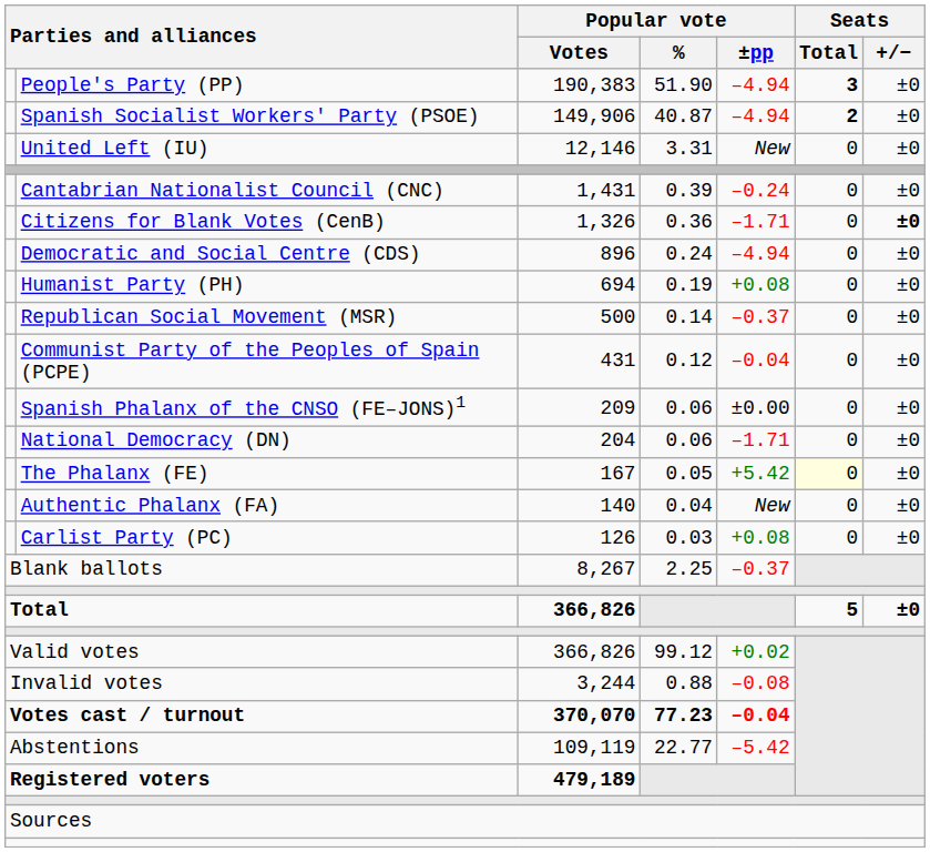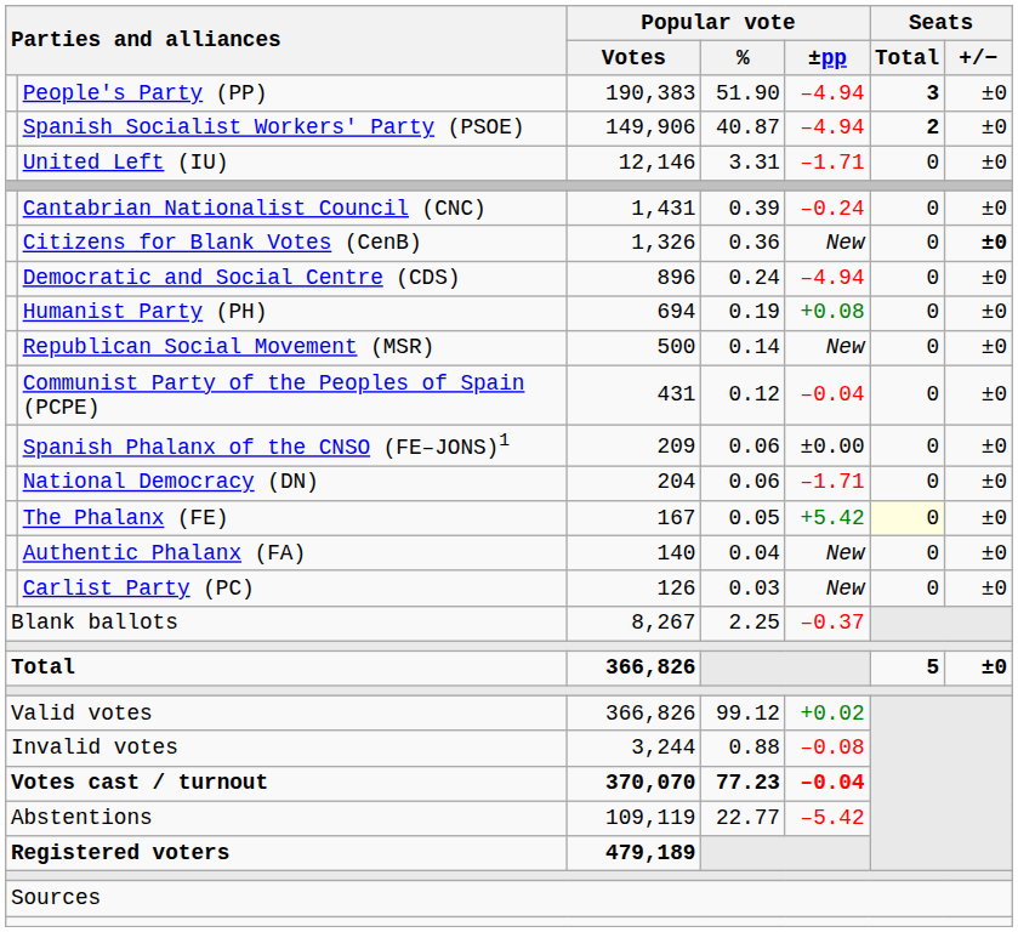 <table class="wikitable" style="text-align:right;">
 <tr>
 <th style="text-align:left;" rowspan="2" colspan="2" width="525">Parties and alliances</th>
 <th colspan="3">Popular vote</th>
 <th colspan="2">Seats</th>
 </tr>
 <tr>
 <th width="75">Votes</th>
 <th width="45">%</th>
 <th width="45">±<a href='#'>pp</a></th>
 <th width="35">Total</th>
 <th width="35">+/−</th>
 </tr>
 <tr>
 <td width="1" style="color:inherit;background:"></td>
 <td align="left"><a href='#'>People's Party</a> (PP)</td>
 <td>190,383</td>
 <td>51.90</td>
 <td style="color:red;">–4.94</td>
 <td><strong>3</strong></td>
 <td>±0</td>
 </tr>
 <tr>
 <td style="color:inherit;background:"></td>
 <td align="left"><a href='#'>Spanish Socialist Workers' Party</a> (PSOE)</td>
 <td>149,906</td>
 <td>40.87</td>
 <td style="color:red;">–4.94</td>
 <td><strong>2</strong></td>
 <td>±0</td>
 </tr>
 <tr>
 <td style="color:inherit;background:"></td>
 <td align="left"><a href='#'>United Left</a> (IU)</td>
 <td>12,146</td>
 <td>3.31</td>
-<td><em>New</em></td>
+<td style="color:red;">–1.71</td>
 <td>0</td>
 <td>±0</td>
 </tr>
 <tr>
 <td colspan="7" bgcolor="#C0C0C0"></td>
 </tr>
 <tr>
 <td style="color:inherit;background:"></td>
 <td align="left"><a href='#'>Cantabrian Nationalist Council</a> (CNC)</td>
 <td>1,431</td>
 <td>0.39</td>
 <td style="color:red;">–0.24</td>
 <td>0</td>
 <td>±0</td>
 </tr>
 <tr>
 <td style="color:inherit;background:"></td>
 <td align="left"><a href='#'>Citizens for Blank Votes</a> (CenB)</td>
 <td>1,326</td>
 <td>0.36</td>
-<td style="color:red;">–1.71</td>
+<td><em>New</em></td>
 <td>0</td>
 <td><strong>±0</strong></td>
 </tr>
 <tr>
 <td style="color:inherit;background:"></td>
 <td align="left"><a href='#'>Democratic and Social Centre</a> (CDS)</td>
 <td>896</td>
 <td>0.24</td>
 <td style="color:red;">–4.94</td>
 <td>0</td>
 <td>±0</td>
 </tr>
 <tr>
 <td style="color:inherit;background:"></td>
 <td align="left"><a href='#'>Humanist Party</a> (PH)</td>
 <td>694</td>
 <td>0.19</td>
 <td style="color:green;">+0.08</td>
 <td>0</td>
 <td>±0</td>
 </tr>
 <tr>
 <td style="color:inherit;background:"></td>
 <td align="left"><a href='#'>Republican Social Movement</a> (MSR)</td>
 <td>500</td>
 <td>0.14</td>
-<td style="color:red;">–0.37</td>
+<td><em>New</em></td>
 <td>0</td>
 <td>±0</td>
 </tr>
 <tr>
 <td style="color:inherit;background:"></td>
 <td align="left"><a href='#'>Communist Party of the Peoples of Spain</a> (PCPE)</td>
 <td>431</td>
 <td>0.12</td>
 <td style="color:red;">–0.04</td>
 <td>0</td>
 <td>±0</td>
 </tr>
 <tr>
 <td style="color:inherit;background:"></td>
 <td align="left"><a href='#'>Spanish Phalanx of the CNSO</a> (FE–JONS)<sup>1</sup></td>
 <td>209</td>
 <td>0.06</td>
 <td>±0.00</td>
 <td>0</td>
 <td>±0</td>
 </tr>
 <tr>
 <td style="color:inherit;background:"></td>
 <td align="left"><a href='#'>National Democracy</a> (DN)</td>
 <td>204</td>
 <td>0.06</td>
 <td style="color:red;">–1.71</td>
 <td>0</td>
 <td>±0</td>
 </tr>
 <tr>
 <td style="color:inherit;background:"></td>
 <td align="left"><a href='#'>The Phalanx</a> (FE)</td>
 <td>167</td>
 <td>0.05</td>
 <td style="color:green;">+5.42</td>
 <td style="background: lightyellow;">0</td>
 <td>±0</td>
 </tr>
 <tr>
 <td style="color:inherit;background:"></td>
 <td align="left"><a href='#'>Authentic Phalanx</a> (FA)</td>
 <td>140</td>
 <td>0.04</td>
 <td><em>New</em></td>
 <td>0</td>
 <td>±0</td>
 </tr>
 <tr>
 <td style="color:inherit;background:"></td>
 <td align="left"><a href='#'>Carlist Party</a> (PC)</td>
 <td>126</td>
 <td>0.03</td>
-<td style="color:green;">+0.08</td>
+<td><em>New</em></td>
 <td>0</td>
 <td>±0</td>
 </tr>
 <tr>
 <td align="left" colspan="2">Blank ballots</td>
 <td>8,267</td>
 <td>2.25</td>
 <td style="color:red;">–0.37</td>
 <td bgcolor="#E9E9E9" colspan="2"></td>
 </tr>
 <tr>
 <td colspan="7" bgcolor="#E9E9E9"></td>
 </tr>
 <tr style="font-weight:bold;">
 <td align="left" colspan="2">Total</td>
 <td>366,826</td>
 <td bgcolor="#E9E9E9" colspan="2"></td>
 <td>5</td>
 <td>±0</td>
 </tr>
 <tr>
 <td colspan="7" bgcolor="#E9E9E9"></td>
 </tr>
 <tr>
 <td align="left" colspan="2">Valid votes</td>
 <td>366,826</td>
 <td>99.12</td>
 <td style="color:green;">+0.02</td>
 <td bgcolor="#E9E9E9" colspan="2" rowspan="5"></td>
 </tr>
 <tr>
 <td align="left" colspan="2">Invalid votes</td>
 <td>3,244</td>
 <td>0.88</td>
 <td style="color:red;">–0.08</td>
 </tr>
 <tr style="font-weight:bold;">
 <td align="left" colspan="2">Votes cast / turnout</td>
 <td>370,070</td>
 <td>77.23</td>
 <td style="color:red;">–0.04</td>
 </tr>
 <tr>
 <td align="left" colspan="2">Abstentions</td>
 <td>109,119</td>
 <td>22.77</td>
 <td style="color:red;">–5.42</td>
 </tr>
 <tr style="font-weight:bold;">
 <td align="left" colspan="2">Registered voters</td>
 <td>479,189</td>
 <td bgcolor="#E9E9E9" colspan="2"></td>
 </tr>
 <tr>
 <td colspan="7" bgcolor="#E9E9E9"></td>
 </tr>
 <tr>
 <td align="left" colspan="7">Sources</td>
 </tr>
 <tr>
 <td colspan="7" style="text-align:left; max-width:790px;"></td>
 </tr>
 </table>
